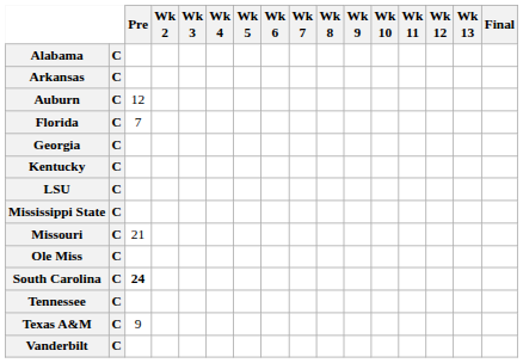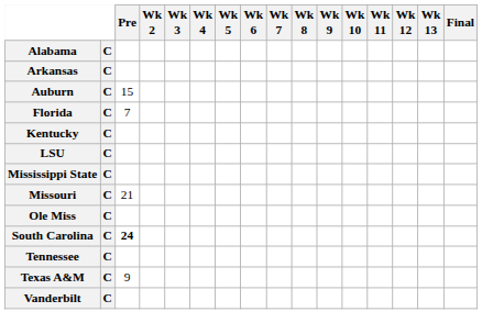 <table class="wikitable" style="white-space:nowrap;font-size:90%;">
 <tr>
 <th colspan=2 style="background:white; border-top-style:hidden; border-left-style:hidden;"> </th>
 <th>Pre</th>
 <th>Wk<br>2</th>
 <th>Wk<br>3</th>
 <th>Wk<br>4</th>
 <th>Wk<br>5</th>
 <th>Wk<br>6</th>
 <th>Wk<br>7</th>
 <th>Wk<br>8</th>
 <th>Wk<br>9</th>
 <th>Wk<br>10</th>
 <th>Wk<br>11</th>
 <th>Wk<br>12</th>
 <th>Wk<br>13</th>
 <th>Final</th>
 </tr>
 <tr style="text-align:center;">
 <th style="background:#">Alabama</th>
 <th>C</th>
 <td style="background:#FFF;"></td>
 <td style="background:#FFF;"></td>
 <td style="background:#FFF;"></td>
 <td style="background:#FFF;"></td>
 <td style="background:#FFF;"></td>
 <td style="background:#FFF;"></td>
 <td style="background:#FFF;"></td>
 <td style="background:#FFF;"></td>
 <td style="background:#FFF;"></td>
 <td style="background:#FFF;"></td>
 <td style="background:#FFF;"></td>
 <td style="background:#FFF;"></td>
 <td style="background:#FFF;"></td>
 <td style="background:#FFF;"></td>
 </tr>
 <tr style="text-align:center;">
 <th style="background:#">Arkansas</th>
 <th>C</th>
 <td style="background:#FFF;"></td>
 <td style="background:#FFF;"></td>
 <td style="background:#FFF;"></td>
 <td style="background:#FFF;"></td>
 <td style="background:#FFF;"></td>
 <td style="background:#FFF;"></td>
 <td style="background:#FFF;"></td>
 <td style="background:#FFF;"></td>
 <td style="background:#FFF;"></td>
 <td style="background:#FFF;"></td>
 <td style="background:#FFF;"></td>
 <td style="background:#FFF;"></td>
 <td style="background:#FFF;"></td>
 <td style="background:#FFF;"></td>
 </tr>
 <tr style="text-align:center;">
 <th style="background:#">Auburn</th>
 <th>C</th>
-<td style="background:#FFF;"> 12</td>
+<td style="background:#FFF;"> 15</td>
 <td style="background:#FFF;"></td>
 <td style="background:#FFF;"></td>
 <td style="background:#FFF;"></td>
 <td style="background:#FFF;"></td>
 <td style="background:#FFF;"></td>
 <td style="background:#FFF;"></td>
 <td style="background:#FFF;"></td>
 <td style="background:#FFF;"></td>
 <td style="background:#FFF;"></td>
 <td style="background:#FFF;"></td>
 <td style="background:#FFF;"></td>
 <td style="background:#FFF;"></td>
 <td style="background:#FFF;"></td>
 </tr>
 <tr style="text-align:center;">
 <th style="background:#">Florida</th>
 <th>C</th>
 <td style="background:#FFF;"> 7</td>
-<td style="background:#FFF;"></td>
-<td style="background:#FFF;"></td>
-<td style="background:#FFF;"></td>
-<td style="background:#FFF;"></td>
-<td style="background:#FFF;"></td>
-<td style="background:#FFF;"></td>
-<td style="background:#FFF;"></td>
-<td style="background:#FFF;"></td>
-<td style="background:#FFF;"></td>
-<td style="background:#FFF;"></td>
-<td style="background:#FFF;"></td>
-<td style="background:#FFF;"></td>
-<td style="background:#FFF;"></td>
-</tr>
-<tr style="text-align:center;">
-<th style="background:#">Georgia</th>
-<th>C</th>
-<td style="background:#FFF;"></td>
 <td style="background:#FFF;"></td>
 <td style="background:#FFF;"></td>
 <td style="background:#FFF;"></td>
 <td style="background:#FFF;"></td>
 <td style="background:#FFF;"></td>
 <td style="background:#FFF;"></td>
 <td style="background:#FFF;"></td>
 <td style="background:#FFF;"></td>
 <td style="background:#FFF;"></td>
 <td style="background:#FFF;"></td>
 <td style="background:#FFF;"></td>
 <td style="background:#FFF;"></td>
 <td style="background:#FFF;"></td>
 </tr>
 <tr style="text-align:center;">
 <th style="background:#">Kentucky</th>
 <th>C</th>
 <td style="background:#FFF;"></td>
 <td style="background:#FFF;"></td>
 <td style="background:#FFF;"></td>
 <td style="background:#FFF;"></td>
 <td style="background:#FFF;"></td>
 <td style="background:#FFF;"></td>
 <td style="background:#FFF;"></td>
 <td style="background:#FFF;"></td>
 <td style="background:#FFF;"></td>
 <td style="background:#FFF;"></td>
 <td style="background:#FFF;"></td>
 <td style="background:#FFF;"></td>
 <td style="background:#FFF;"></td>
 <td style="background:#FFF;"></td>
 </tr>
 <tr style="text-align:center;">
 <th style="background:#">LSU</th>
 <th>C</th>
 <td style="background:#FFF;"></td>
 <td style="background:#FFF;"></td>
 <td style="background:#FFF;"></td>
 <td style="background:#FFF;"></td>
 <td style="background:#FFF;"></td>
 <td style="background:#FFF;"></td>
 <td style="background:#FFF;"></td>
 <td style="background:#FFF;"></td>
 <td style="background:#FFF;"></td>
 <td style="background:#FFF;"></td>
 <td style="background:#FFF;"></td>
 <td style="background:#FFF;"></td>
 <td style="background:#FFF;"></td>
 <td style="background:#FFF;"></td>
 </tr>
 <tr style="text-align:center;">
 <th style="background:#">Mississippi State</th>
 <th>C</th>
 <td style="background:#FFF;"></td>
 <td style="background:#FFF;"></td>
 <td style="background:#FFF;"></td>
 <td style="background:#FFF;"></td>
 <td style="background:#FFF;"></td>
 <td style="background:#FFF;"></td>
 <td style="background:#FFF;"></td>
 <td style="background:#FFF;"></td>
 <td style="background:#FFF;"></td>
 <td style="background:#FFF;"></td>
 <td style="background:#FFF;"></td>
 <td style="background:#FFF;"></td>
 <td style="background:#FFF;"></td>
 <td style="background:#FFF;"></td>
 </tr>
 <tr style="text-align:center;">
 <th style="background:#">Missouri</th>
 <th>C</th>
 <td style="background:#FFF;"> 21</td>
 <td style="background:#FFF;"></td>
 <td style="background:#FFF;"></td>
 <td style="background:#FFF;"></td>
 <td style="background:#FFF;"></td>
 <td style="background:#FFF;"></td>
 <td style="background:#FFF;"></td>
 <td style="background:#FFF;"></td>
 <td style="background:#FFF;"></td>
 <td style="background:#FFF;"></td>
 <td style="background:#FFF;"></td>
 <td style="background:#FFF;"></td>
 <td style="background:#FFF;"></td>
 <td style="background:#FFF;"></td>
 </tr>
 <tr style="text-align:center;">
 <th style="background:#">Ole Miss</th>
 <th>C</th>
 <td style="background:#FFF;"></td>
 <td style="background:#FFF;"></td>
 <td style="background:#FFF;"></td>
 <td style="background:#FFF;"></td>
 <td style="background:#FFF;"></td>
 <td style="background:#FFF;"></td>
 <td style="background:#FFF;"></td>
 <td style="background:#FFF;"></td>
 <td style="background:#FFF;"></td>
 <td style="background:#FFF;"></td>
 <td style="background:#FFF;"></td>
 <td style="background:#FFF;"></td>
 <td style="background:#FFF;"></td>
 <td style="background:#FFF;"></td>
 </tr>
 <tr style="text-align:center;">
 <th style="background:#">South Carolina</th>
 <th>C</th>
 <td style="background:#FFF;"><strong> 24</strong></td>
 <td style="background:#FFF;"></td>
 <td style="background:#FFF;"></td>
 <td style="background:#FFF;"></td>
 <td style="background:#FFF;"></td>
 <td style="background:#FFF;"></td>
 <td style="background:#FFF;"></td>
 <td style="background:#FFF;"></td>
 <td style="background:#FFF;"></td>
 <td style="background:#FFF;"></td>
 <td style="background:#FFF;"></td>
 <td style="background:#FFF;"></td>
 <td style="background:#FFF;"></td>
 <td style="background:#FFF;"></td>
 </tr>
 <tr style="text-align:center;">
 <th style="background:#">Tennessee</th>
 <th>C</th>
 <td style="background:#FFF;"></td>
 <td style="background:#FFF;"></td>
 <td style="background:#FFF;"></td>
 <td style="background:#FFF;"></td>
 <td style="background:#FFF;"></td>
 <td style="background:#FFF;"></td>
 <td style="background:#FFF;"></td>
 <td style="background:#FFF;"></td>
 <td style="background:#FFF;"></td>
 <td style="background:#FFF;"></td>
 <td style="background:#FFF;"></td>
 <td style="background:#FFF;"></td>
 <td style="background:#FFF;"></td>
 <td style="background:#FFF;"></td>
 </tr>
 <tr style="text-align:center;">
 <th style="background:#">Texas A&M</th>
 <th>C</th>
 <td style="background:#FFF;"> 9</td>
 <td style="background:#FFF;"></td>
 <td style="background:#FFF;"></td>
 <td style="background:#FFF;"></td>
 <td style="background:#FFF;"></td>
 <td style="background:#FFF;"></td>
 <td style="background:#FFF;"></td>
 <td style="background:#FFF;"></td>
 <td style="background:#FFF;"></td>
 <td style="background:#FFF;"></td>
 <td style="background:#FFF;"></td>
 <td style="background:#FFF;"></td>
 <td style="background:#FFF;"></td>
 <td style="background:#FFF;"></td>
 </tr>
 <tr style="text-align:center;">
 <th style="background:#">Vanderbilt</th>
 <th>C</th>
 <td style="background:#FFF;"></td>
 <td style="background:#FFF;"></td>
 <td style="background:#FFF;"></td>
 <td style="background:#FFF;"></td>
 <td style="background:#FFF;"></td>
 <td style="background:#FFF;"></td>
 <td style="background:#FFF;"></td>
 <td style="background:#FFF;"></td>
 <td style="background:#FFF;"></td>
 <td style="background:#FFF;"></td>
 <td style="background:#FFF;"></td>
 <td style="background:#FFF;"></td>
 <td style="background:#FFF;"></td>
 <td style="background:#FFF;"></td>
 </tr>
 </table>
